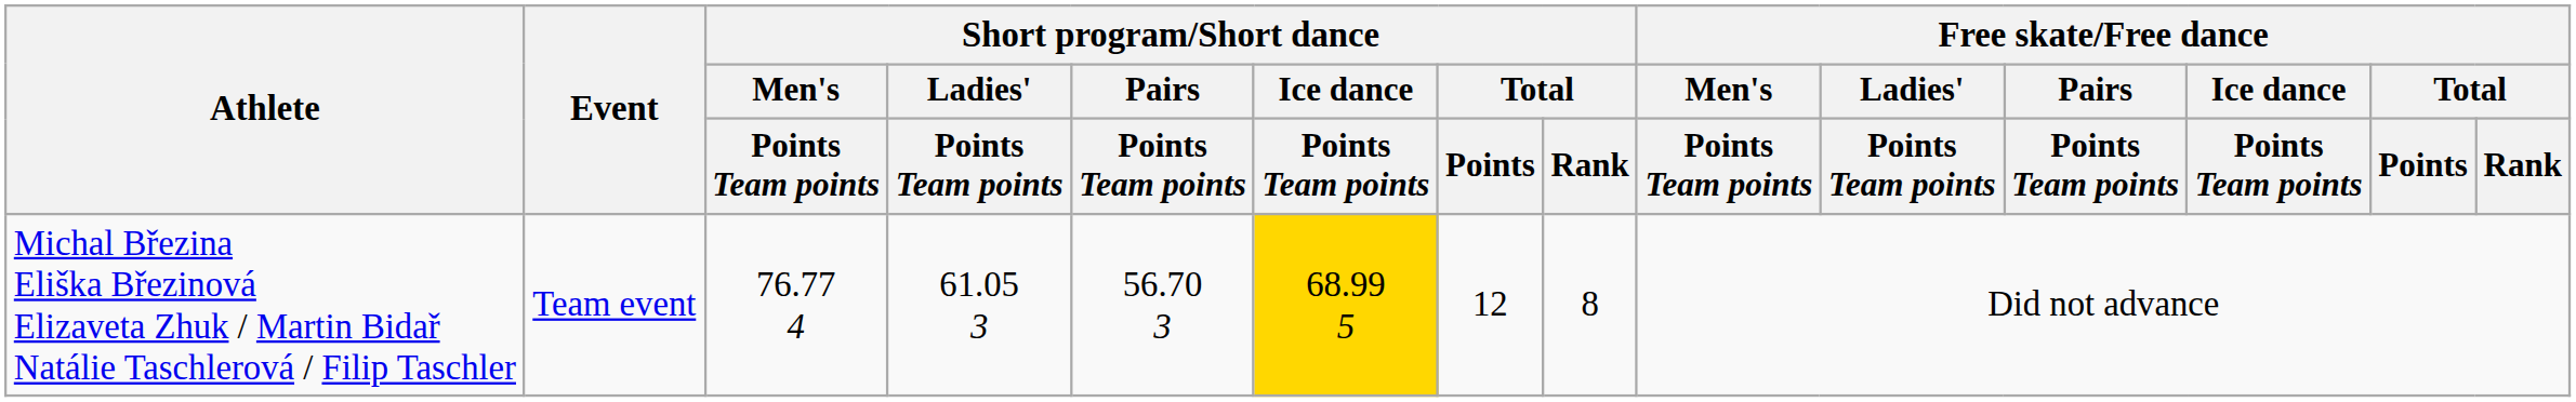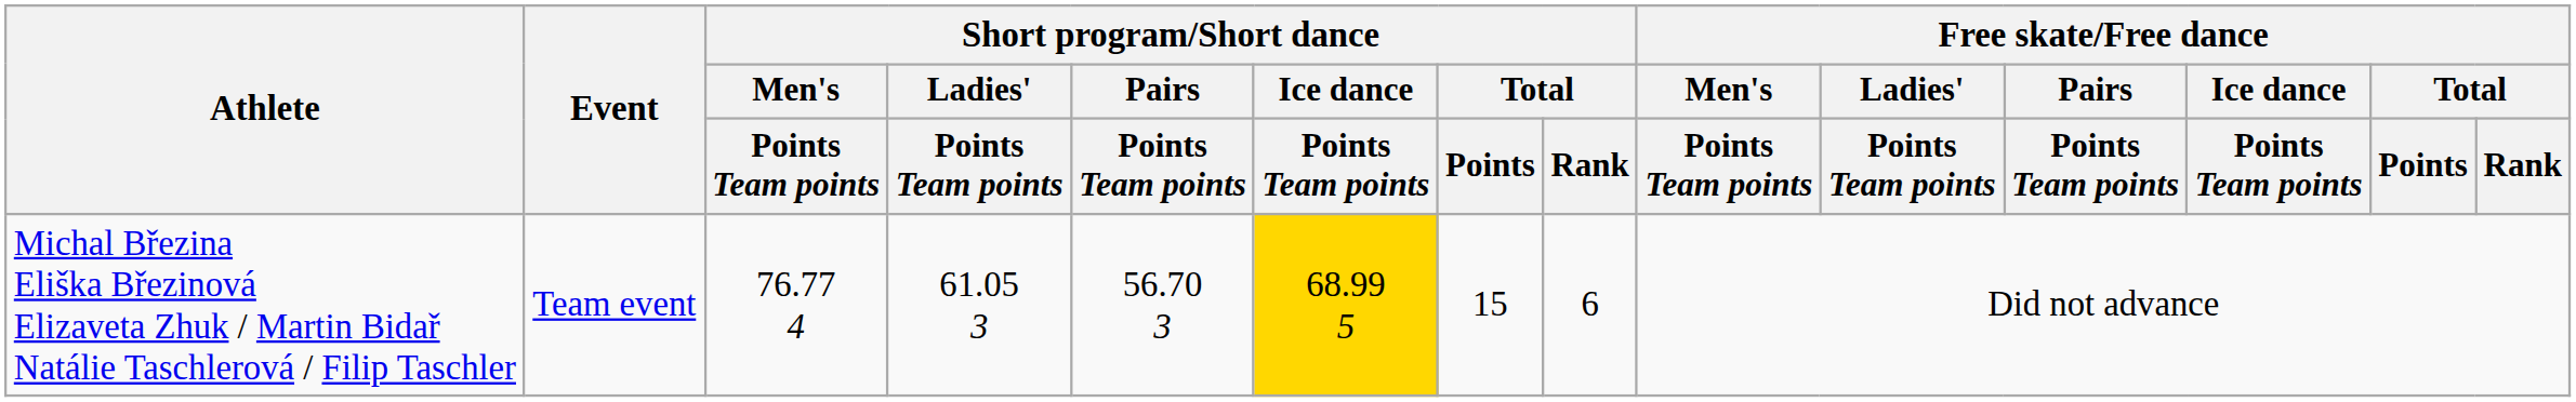 <table class="wikitable" style="font-size:90%">
 <tr>
 <th rowspan="3">Athlete</th>
 <th rowspan="3">Event</th>
 <th colspan="6">Short program/Short dance</th>
 <th colspan="6">Free skate/Free dance</th>
 </tr>
 <tr style="font-size:95%">
 <th>Men's</th>
 <th>Ladies'</th>
 <th>Pairs</th>
 <th>Ice dance</th>
 <th colspan="2">Total</th>
 <th>Men's</th>
 <th>Ladies'</th>
 <th>Pairs</th>
 <th>Ice dance</th>
 <th colspan="2">Total</th>
 </tr>
 <tr style="font-size:95%">
 <th>Points<br><em>Team points</em></th>
 <th>Points<br><em>Team points</em></th>
 <th>Points<br><em>Team points</em></th>
 <th>Points<br><em>Team points</em></th>
 <th>Points</th>
 <th>Rank</th>
 <th>Points<br><em>Team points</em></th>
 <th>Points<br><em>Team points</em></th>
 <th>Points<br><em>Team points</em></th>
 <th>Points<br><em>Team points</em></th>
 <th>Points</th>
 <th>Rank</th>
 </tr>
 <tr align="center">
 <td align="left"><a href='#'>Michal Březina</a><br><a href='#'>Eliška Březinová</a><br><a href='#'>Elizaveta Zhuk</a> / <a href='#'>Martin Bidař</a><br><a href='#'>Natálie Taschlerová</a> / <a href='#'>Filip Taschler</a></td>
 <td align="left"><a href='#'>Team event</a></td>
 <td>76.77<br><em>4</em></td>
 <td>61.05<br><em>3</em></td>
 <td>56.70<br><em>3</em></td>
 <td style="background: gold;">68.99<br><em>5</em></td>
-<td>12</td>
-<td>8</td>
+<td>15</td>
+<td>6</td>
 <td colspan=6>Did not advance</td>
 </tr>
 </table>
